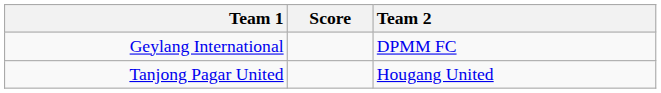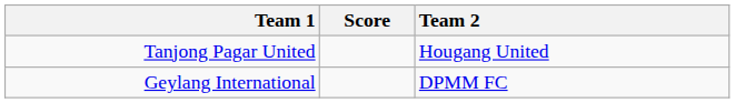 <table class="wikitable" style="align:center">
 <tr>
 <th width=250 style="text-align:right">Team 1</th>
 <th width=70 style="text-align:center">Score</th>
 <th width=250 style="text-align:left">Team 2</th>
 </tr>
 <tr>
+<td align="right"><a href='#'>Tanjong Pagar United</a></td>
+<td align="center"><span><strong></strong></span></td>
+<td><a href='#'>Hougang United</a></td>
+</tr>
+<tr>
 <td align="right"><a href='#'>Geylang International</a></td>
 <td align="center"><span><strong></strong></span></td>
 <td> <a href='#'>DPMM FC</a></td>
 </tr>
-<tr>
-<td align="right"><a href='#'>Tanjong Pagar United</a></td>
-<td align="center"><span><strong></strong></span></td>
-<td><a href='#'>Hougang United</a></td>
-</tr>
 </table>
